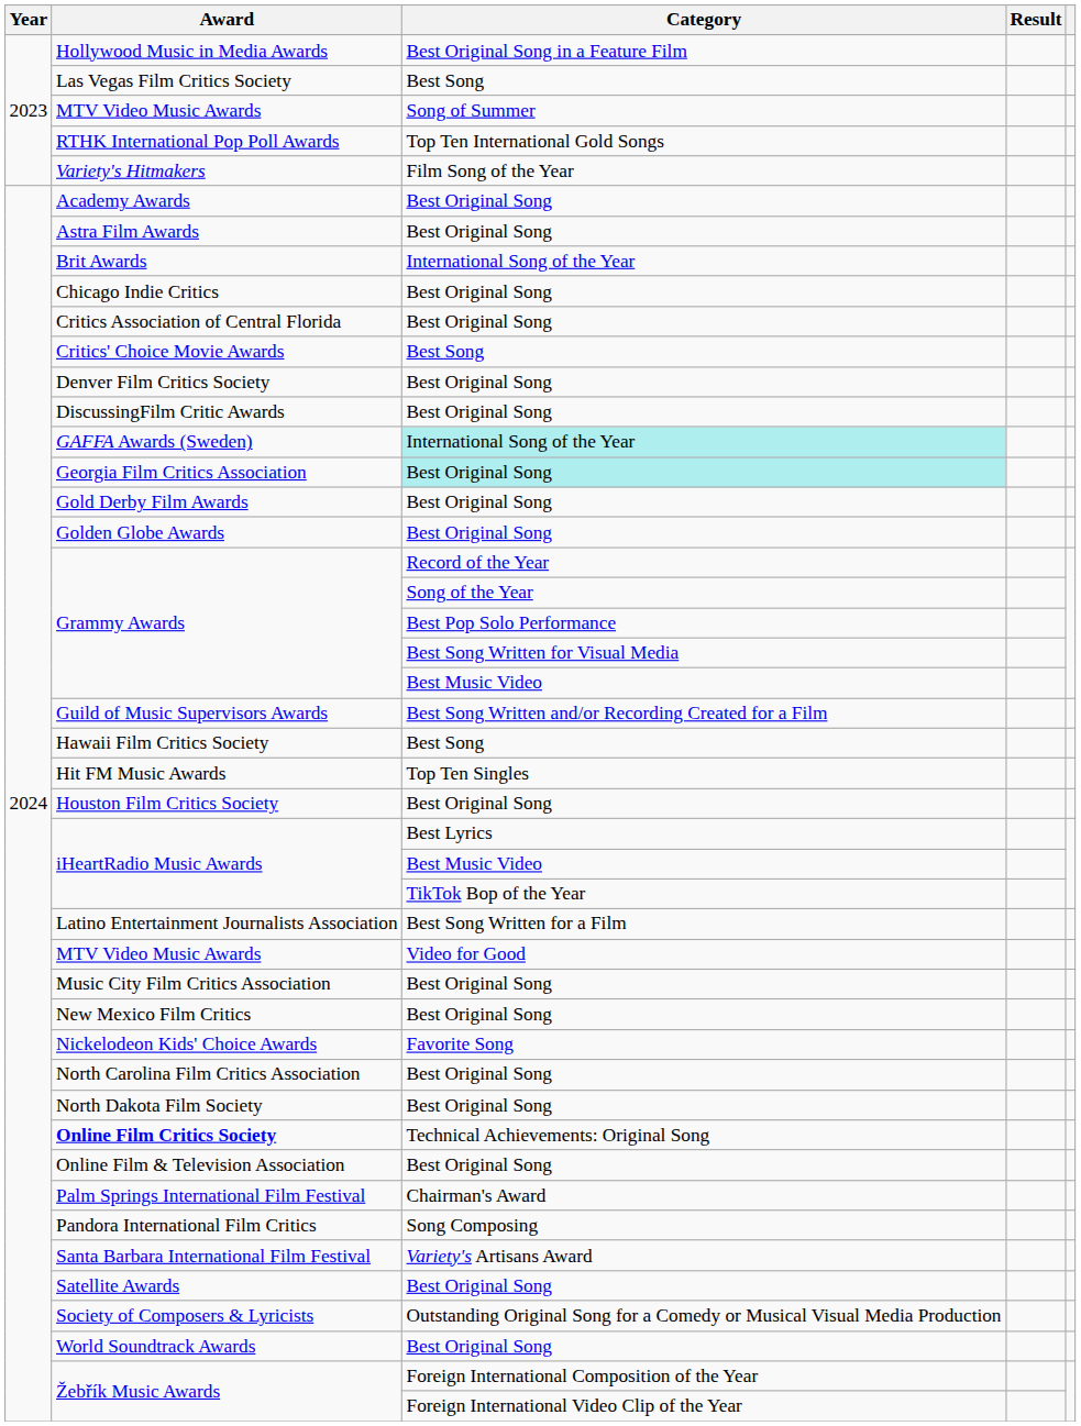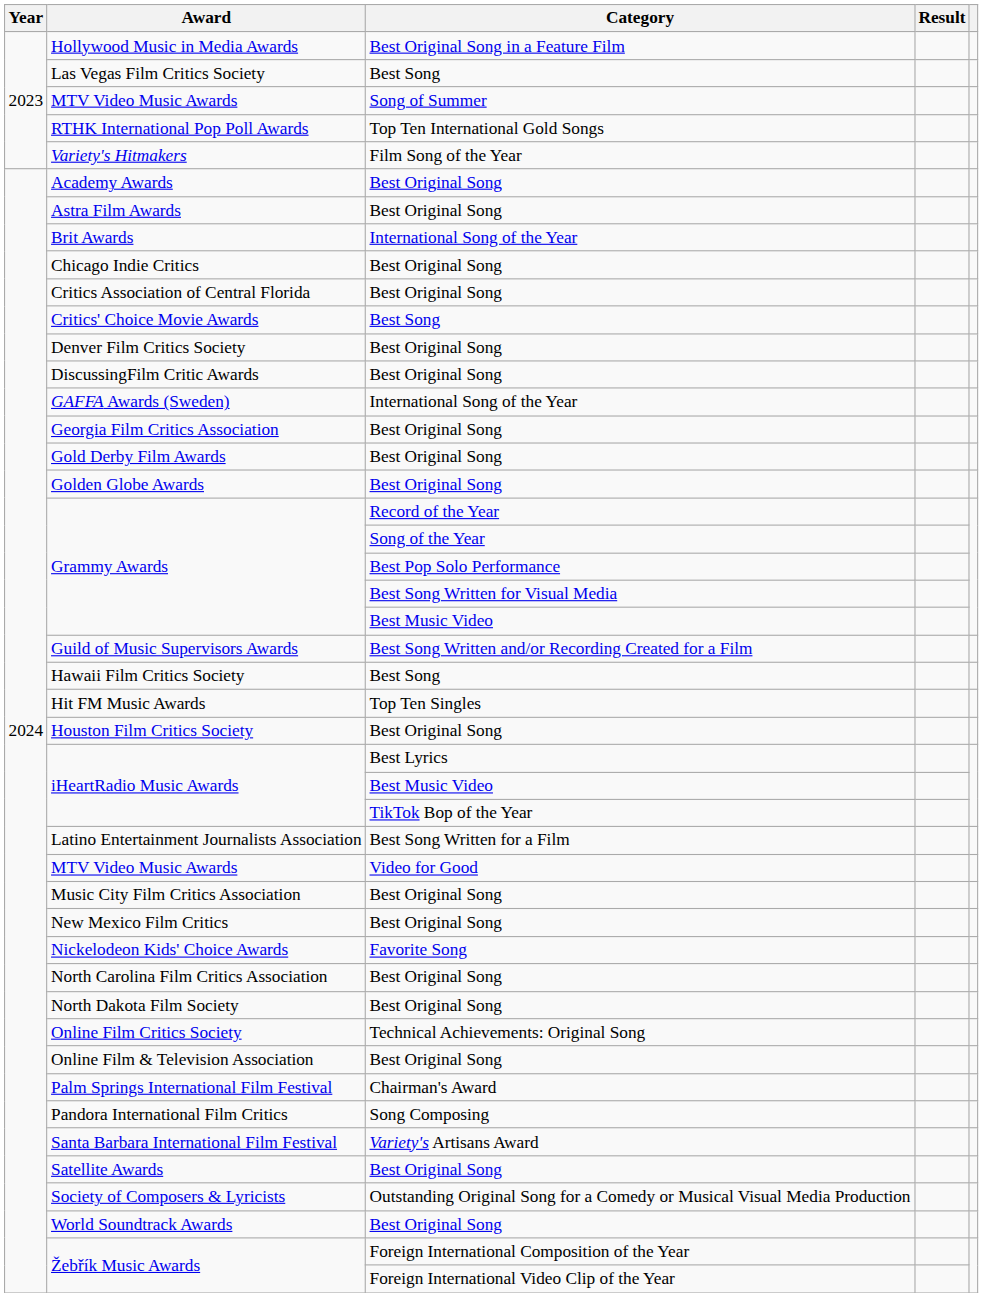 <table class="wikitable sortable plainrowheaders">
 <tr>
 <th scope="col">Year</th>
 <th scope="col">Award</th>
 <th scope="col">Category</th>
 <th scope="col">Result</th>
 <th class="unsortable"></th>
 </tr>
 <tr>
 <td rowspan="5" style="text-align:center">2023</td>
 <td><a href='#'>Hollywood Music in Media Awards</a></td>
 <td><a href='#'>Best Original Song in a Feature Film</a></td>
 <td></td>
 <td style="text-align:center"></td>
 </tr>
 <tr>
 <td>Las Vegas Film Critics Society</td>
 <td>Best Song</td>
 <td></td>
 <td style="text-align:center"></td>
 </tr>
 <tr>
 <td><a href='#'>MTV Video Music Awards</a></td>
 <td><a href='#'>Song of Summer</a></td>
 <td></td>
 <td style="text-align:center"></td>
 </tr>
 <tr>
 <td><a href='#'>RTHK International Pop Poll Awards</a></td>
 <td>Top Ten International Gold Songs</td>
 <td></td>
 <td style="text-align:center"></td>
 </tr>
 <tr>
 <td><em><a href='#'>Variety's Hitmakers</a></em></td>
 <td>Film Song of the Year</td>
 <td></td>
 <td style="text-align:center"></td>
 </tr>
 <tr>
 <td rowspan="41" style="text-align:center">2024</td>
 <td><a href='#'>Academy Awards</a></td>
 <td><a href='#'>Best Original Song</a></td>
 <td></td>
 <td style="text-align:center"></td>
 </tr>
 <tr>
 <td><a href='#'>Astra Film Awards</a></td>
 <td>Best Original Song</td>
 <td></td>
 <td style="text-align:center"></td>
 </tr>
 <tr>
 <td><a href='#'>Brit Awards</a></td>
 <td><a href='#'>International Song of the Year</a></td>
 <td></td>
 <td style="text-align:center"></td>
 </tr>
 <tr>
 <td>Chicago Indie Critics</td>
 <td>Best Original Song</td>
 <td></td>
 <td style="text-align:center"></td>
 </tr>
 <tr>
 <td>Critics Association of Central Florida</td>
 <td>Best Original Song</td>
 <td></td>
 <td style="text-align:center"></td>
 </tr>
 <tr>
 <td><a href='#'>Critics' Choice Movie Awards</a></td>
 <td><a href='#'>Best Song</a></td>
 <td></td>
 <td style="text-align:center"></td>
 </tr>
 <tr>
 <td>Denver Film Critics Society</td>
 <td>Best Original Song</td>
 <td></td>
 <td style="text-align:center"></td>
 </tr>
 <tr>
 <td>DiscussingFilm Critic Awards</td>
 <td>Best Original Song</td>
 <td></td>
 <td style="text-align:center"></td>
 </tr>
 <tr>
 <td><a href='#'><em>GAFFA</em> Awards (Sweden)</a></td>
-<td style="background: paleturquoise;">International Song of the Year</td>
+<td>International Song of the Year</td>
 <td></td>
 <td style="text-align:center"></td>
 </tr>
 <tr>
 <td><a href='#'>Georgia Film Critics Association</a></td>
-<td style="background: paleturquoise;">Best Original Song</td>
+<td>Best Original Song</td>
 <td></td>
 <td style="text-align:center"></td>
 </tr>
 <tr>
 <td><a href='#'>Gold Derby Film Awards</a></td>
 <td>Best Original Song</td>
 <td></td>
 <td style="text-align:center"></td>
 </tr>
 <tr>
 <td><a href='#'>Golden Globe Awards</a></td>
 <td><a href='#'>Best Original Song</a></td>
 <td></td>
 <td style="text-align:center"></td>
 </tr>
 <tr>
 <td rowspan="5"><a href='#'>Grammy Awards</a></td>
 <td><a href='#'>Record of the Year</a></td>
 <td></td>
 <td rowspan="5" style="text-align:center"></td>
 </tr>
 <tr>
 <td><a href='#'>Song of the Year</a></td>
 <td></td>
 </tr>
 <tr>
 <td><a href='#'>Best Pop Solo Performance</a></td>
 <td></td>
 </tr>
 <tr>
 <td><a href='#'>Best Song Written for Visual Media</a></td>
 <td></td>
 </tr>
 <tr>
 <td><a href='#'>Best Music Video</a></td>
 <td></td>
 </tr>
 <tr>
 <td><a href='#'>Guild of Music Supervisors Awards</a></td>
 <td><a href='#'>Best Song Written and/or Recording Created for a Film</a></td>
 <td></td>
 <td style="text-align:center"></td>
 </tr>
 <tr>
 <td>Hawaii Film Critics Society</td>
 <td>Best Song</td>
 <td></td>
 <td style="text-align:center"></td>
 </tr>
 <tr>
 <td>Hit FM Music Awards</td>
 <td>Top Ten Singles</td>
 <td></td>
 <td style="text-align:center"></td>
 </tr>
 <tr>
 <td><a href='#'>Houston Film Critics Society</a></td>
 <td>Best Original Song</td>
 <td></td>
 <td style="text-align:center"></td>
 </tr>
 <tr>
 <td rowspan="3"><a href='#'>iHeartRadio Music Awards</a></td>
 <td>Best Lyrics</td>
 <td></td>
 <td rowspan="3" style="text-align:center"></td>
 </tr>
 <tr>
 <td><a href='#'>Best Music Video</a></td>
 <td></td>
 </tr>
 <tr>
 <td><a href='#'>TikTok</a> Bop of the Year</td>
 <td></td>
 </tr>
 <tr>
 <td>Latino Entertainment Journalists Association</td>
 <td>Best Song Written for a Film</td>
 <td></td>
 <td style="text-align:center"></td>
 </tr>
 <tr>
 <td><a href='#'>MTV Video Music Awards</a></td>
 <td><a href='#'>Video for Good</a></td>
 <td></td>
 <td style="text-align:center"></td>
 </tr>
 <tr>
 <td>Music City Film Critics Association</td>
 <td>Best Original Song</td>
 <td></td>
 <td style="text-align:center"></td>
 </tr>
 <tr>
 <td>New Mexico Film Critics</td>
 <td>Best Original Song</td>
 <td></td>
 <td style="text-align:center"></td>
 </tr>
 <tr>
 <td><a href='#'>Nickelodeon Kids' Choice Awards</a></td>
 <td><a href='#'>Favorite Song</a></td>
 <td></td>
 <td style="text-align:center"></td>
 </tr>
 <tr>
 <td>North Carolina Film Critics Association</td>
 <td>Best Original Song</td>
 <td></td>
 <td style="text-align:center"></td>
 </tr>
 <tr>
 <td>North Dakota Film Society</td>
 <td>Best Original Song</td>
 <td></td>
 <td style="text-align:center"></td>
 </tr>
 <tr>
-<td><strong><a href='#'>Online Film Critics Society</a></strong></td>
+<td><a href='#'>Online Film Critics Society</a></td>
 <td>Technical Achievements: Original Song</td>
 <td></td>
 <td style="text-align:center;"></td>
 </tr>
 <tr>
 <td>Online Film & Television Association</td>
 <td>Best Original Song</td>
 <td></td>
 <td style="text-align:center"></td>
 </tr>
 <tr>
 <td><a href='#'>Palm Springs International Film Festival</a></td>
 <td>Chairman's Award</td>
 <td></td>
 <td style="text-align:center"></td>
 </tr>
 <tr>
 <td>Pandora International Film Critics</td>
 <td>Song Composing</td>
 <td></td>
 <td style="text-align:center"></td>
 </tr>
 <tr>
 <td><a href='#'>Santa Barbara International Film Festival</a></td>
 <td><em><a href='#'>Variety's</a></em> Artisans Award</td>
 <td></td>
 <td style="text-align:center"></td>
 </tr>
 <tr>
 <td><a href='#'>Satellite Awards</a></td>
 <td><a href='#'>Best Original Song</a></td>
 <td></td>
 <td style="text-align:center"></td>
 </tr>
 <tr>
 <td><a href='#'>Society of Composers & Lyricists</a></td>
 <td>Outstanding Original Song for a Comedy or Musical Visual Media Production</td>
 <td></td>
 <td style="text-align:center"></td>
 </tr>
 <tr>
 <td><a href='#'>World Soundtrack Awards</a></td>
 <td><a href='#'>Best Original Song</a></td>
 <td></td>
 <td style="text-align:center"></td>
 </tr>
 <tr>
 <td rowspan="2"><a href='#'>Žebřík Music Awards</a></td>
 <td>Foreign International Composition of the Year</td>
 <td></td>
 <td rowspan="2" style="text-align:center"></td>
 </tr>
 <tr>
 <td>Foreign International Video Clip of the Year</td>
 <td></td>
 </tr>
 </table>
